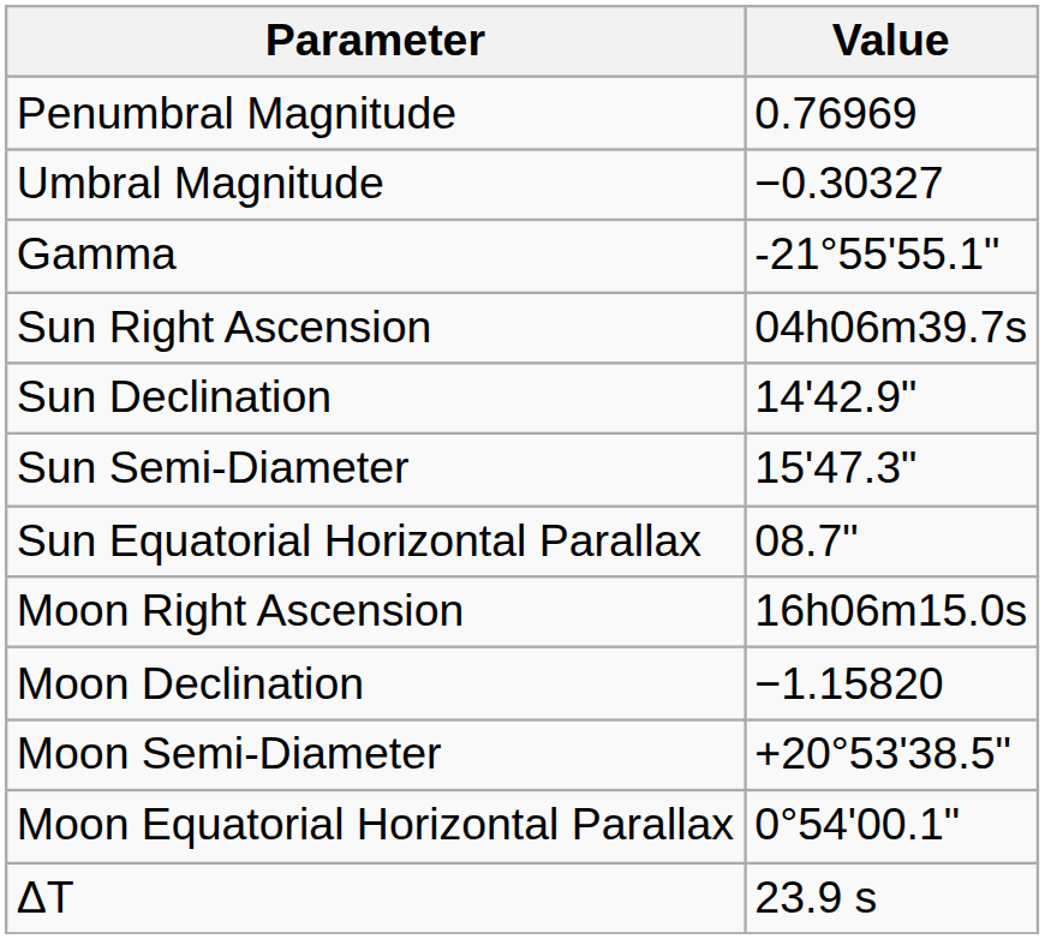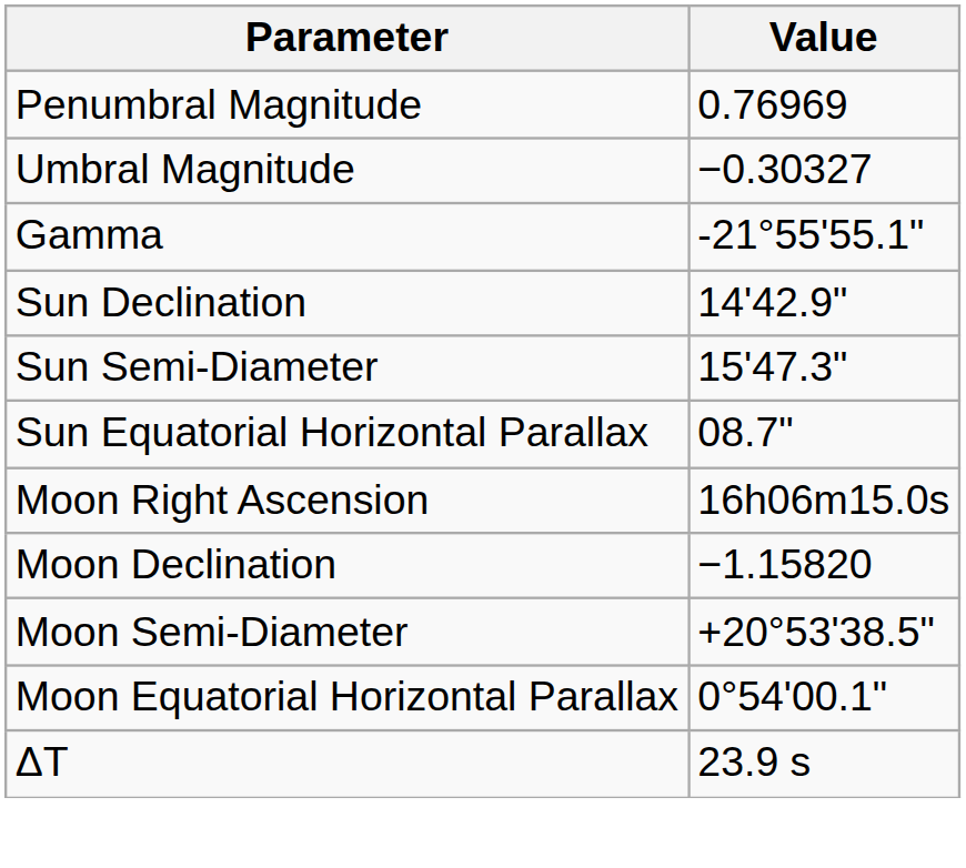 <table class="wikitable">
 <tr>
 <th>Parameter</th>
 <th>Value</th>
 </tr>
 <tr>
 <td>Penumbral Magnitude</td>
 <td>0.76969</td>
 </tr>
 <tr>
 <td>Umbral Magnitude</td>
 <td>−0.30327</td>
 </tr>
 <tr>
 <td>Gamma</td>
 <td>-21°55'55.1"</td>
-</tr>
-<tr>
-<td>Sun Right Ascension</td>
-<td>04h06m39.7s</td>
 </tr>
 <tr>
 <td>Sun Declination</td>
 <td>14'42.9"</td>
 </tr>
 <tr>
 <td>Sun Semi-Diameter</td>
 <td>15'47.3"</td>
 </tr>
 <tr>
 <td>Sun Equatorial Horizontal Parallax</td>
 <td>08.7"</td>
 </tr>
 <tr>
 <td>Moon Right Ascension</td>
 <td>16h06m15.0s</td>
 </tr>
 <tr>
 <td>Moon Declination</td>
 <td>−1.15820</td>
 </tr>
 <tr>
 <td>Moon Semi-Diameter</td>
 <td>+20°53'38.5"</td>
 </tr>
 <tr>
 <td>Moon Equatorial Horizontal Parallax</td>
 <td>0°54'00.1"</td>
 </tr>
 <tr>
 <td>ΔT</td>
 <td>23.9 s</td>
 </tr>
 </table>
